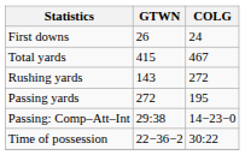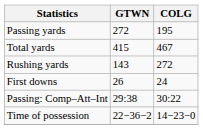 <table class="wikitable" style="float: left;">
 <tr>
 <th>Statistics</th>
 <th>GTWN</th>
 <th>COLG</th>
 </tr>
 <tr>
-<td>First downs</td>
-<td>26</td>
-<td>24</td>
+<td>Passing yards</td>
+<td>272</td>
+<td>195</td>
 </tr>
 <tr>
 <td>Total yards</td>
 <td>415</td>
 <td>467</td>
 </tr>
 <tr>
 <td>Rushing yards</td>
 <td>143</td>
 <td>272</td>
 </tr>
 <tr>
-<td>Passing yards</td>
-<td>272</td>
-<td>195</td>
+<td>First downs</td>
+<td>26</td>
+<td>24</td>
 </tr>
 <tr>
 <td>Passing: Comp–Att–Int</td>
 <td>29:38</td>
-<td>14−23−0</td>
+<td>30:22</td>
 </tr>
 <tr>
 <td>Time of possession</td>
 <td>22−36−2</td>
-<td>30:22</td>
+<td>14−23−0</td>
 </tr>
 <tr>
 </tr>
 </table>
